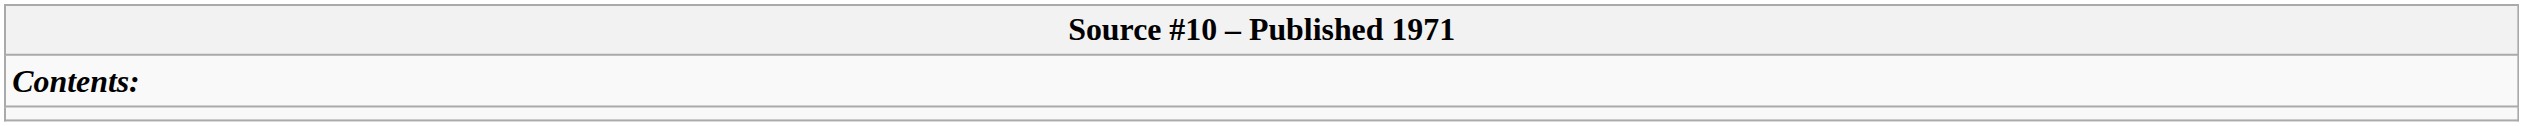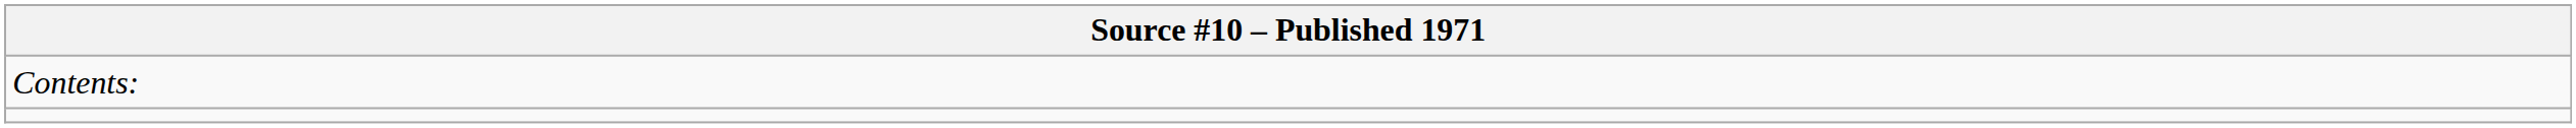 <table class="wikitable" style="width:100%;">
 <tr>
 <th><strong>Source #10</strong> – Published 1971</th>
 </tr>
 <tr>
-<td><strong><em>Contents:</em></strong></td>
+<td><em>Contents:</em></td>
 </tr>
 <tr>
 <td></td>
 </tr>
 </table>
